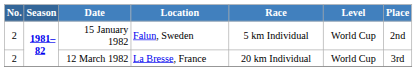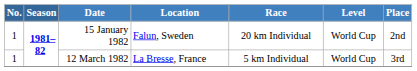 <table class="wikitable sortable" style="font-size:95%; text-align:center; border:grey solid 1px; border-collapse:collapse; background:#ffffff;">
 <tr style="background:#efefef;">
 <th style="background-color:#369; color:white;">No.</th>
 <th style="background-color:#369; color:white;">Season</th>
 <th style="background-color:#4180be; color:white; width:120px;">Date</th>
 <th style="background-color:#4180be; color:white; width:170px;">Location</th>
 <th style="background-color:#4180be; color:white; width:160px;">Race</th>
 <th style="background-color:#4180be; color:white; width:100px;">Level</th>
 <th style="background-color:#4180be; color:white;">Place</th>
 </tr>
 <tr>
-<td align=center>2</td>
+<td align=center>1</td>
 <td rowspan=2 align=center><strong> <a href='#'>1981–82</a> </strong></td>
 <td align=right>15 January 1982</td>
 <td align=left> <a href='#'>Falun</a>, Sweden</td>
-<td>5 km Individual</td>
+<td>20 km Individual</td>
 <td>World Cup</td>
 <td>2nd</td>
 </tr>
 <tr>
-<td align=center>2</td>
+<td align=center>1</td>
 <td align=right>12 March 1982</td>
 <td align=left> <a href='#'>La Bresse</a>, France</td>
-<td>20 km Individual</td>
+<td>5 km Individual</td>
 <td>World Cup</td>
 <td>3rd</td>
 </tr>
 <tr>
 </tr>
 </table>
